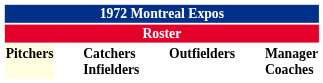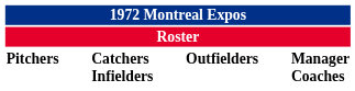 <table class="toccolours" style="font-size: 95%;">
 <tr>
 <th colspan="10" style="background-color: #003087; color: #FFFFFF; text-align: center;">1972 Montreal Expos</th>
 </tr>
 <tr>
 <td colspan="10" style="background-color: #E4002B; color: #FFFFFF; text-align: center;"><strong>Roster</strong></td>
 </tr>
 <tr>
-<td valign="top" style="background: lightyellow;"><strong>Pitchers</strong><br>          </td>
+<td valign="top"><strong>Pitchers</strong><br>          </td>
 <td width="25px"></td>
 <td valign="top"><strong>Catchers</strong><br>    <strong>Infielders</strong>        </td>
 <td width="25px"></td>
 <td valign="top"><strong>Outfielders</strong><br>      </td>
 <td width="25px"></td>
 <td valign="top"><strong>Manager</strong><br> <strong>Coaches</strong>    </td>
 </tr>
 <tr>
 </tr>
 </table>
